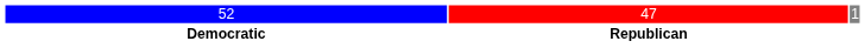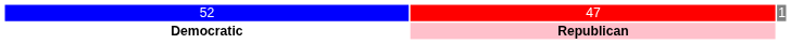 <table style="width:60%; text-align:center;">
 <tr style="color:white;">
 <td style="background:blue; width:52.0%;">52</td>
 <td style="background:red; width:47.0%;">47</td>
 <td style="background:grey; width:1.0%;">1</td>
 </tr>
 <tr>
 <td><span><strong>Democratic</strong></span></td>
-<td><span><strong>Republican</strong></span></td>
+<td style="background: pink;"><span><strong>Republican</strong></span></td>
 </tr>
 </table>
